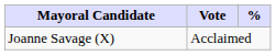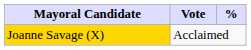 <table class="wikitable">
 <tr>
 <th style="background:#ddf; width:200px;">Mayoral Candidate</th>
 <th style="background:#ddf; width:50px;">Vote</th>
 <th style="background:#ddf; width:30px;">%</th>
 </tr>
 <tr>
-<td>Joanne Savage (X)</td>
+<td style="background: gold;">Joanne Savage (X)</td>
 <td colspan="2">Acclaimed</td>
 </tr>
 </table>
